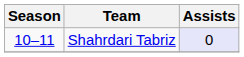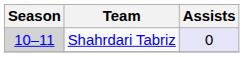 <table class="wikitable" style="text-align: center;">
 <tr>
 <th>Season</th>
 <th>Team</th>
 <th>Assists</th>
 </tr>
 <tr>
-<td><a href='#'>10–11</a></td>
+<td style="background: lightgrey;"><a href='#'>10–11</a></td>
 <td align="left"><a href='#'>Shahrdari Tabriz</a></td>
 <td style="background: lavender;">0</td>
 </tr>
 <tr>
 </tr>
 </table>
